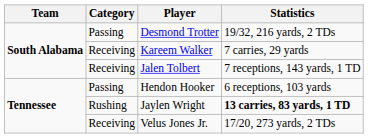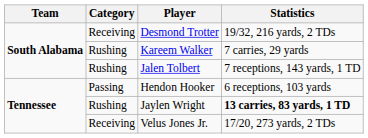 <table class="wikitable" style="float: right;">
 <tr>
 <th>Team</th>
 <th>Category</th>
 <th>Player</th>
 <th>Statistics</th>
 </tr>
 <tr>
 <td rowspan=3><strong>South Alabama</strong></td>
-<td>Passing</td>
+<td>Receiving</td>
 <td><a href='#'>Desmond Trotter</a></td>
 <td>19/32, 216 yards, 2 TDs</td>
 </tr>
 <tr>
-<td>Receiving</td>
+<td>Rushing</td>
 <td><a href='#'>Kareem Walker</a></td>
 <td>7 carries, 29 yards</td>
 </tr>
 <tr>
-<td>Receiving</td>
+<td>Rushing</td>
 <td><a href='#'>Jalen Tolbert</a></td>
 <td>7 receptions, 143 yards, 1 TD</td>
 </tr>
 <tr>
 <td rowspan=3><strong>Tennessee</strong></td>
 <td>Passing</td>
 <td>Hendon Hooker</td>
 <td>6 receptions, 103 yards</td>
 </tr>
 <tr>
 <td>Rushing</td>
 <td>Jaylen Wright</td>
 <td><strong>13 carries, 83 yards, 1 TD</strong></td>
 </tr>
 <tr>
 <td>Receiving</td>
 <td>Velus Jones Jr.</td>
 <td>17/20, 273 yards, 2 TDs</td>
 </tr>
 </table>
